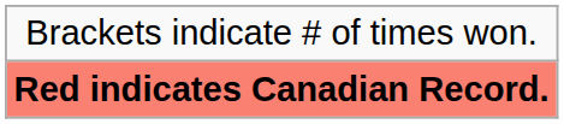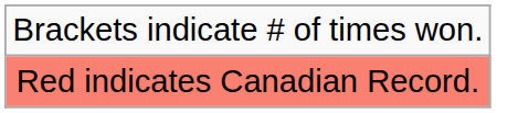 <table class="wikitable" style="text-align:center">
 <tr>
 <td>Brackets indicate # of times won.</td>
 </tr>
 <tr>
-<td bgcolor=Salmon><strong>Red indicates Canadian Record.</strong></td>
+<td bgcolor=Salmon>Red indicates Canadian Record.</td>
 </tr>
 </table>
